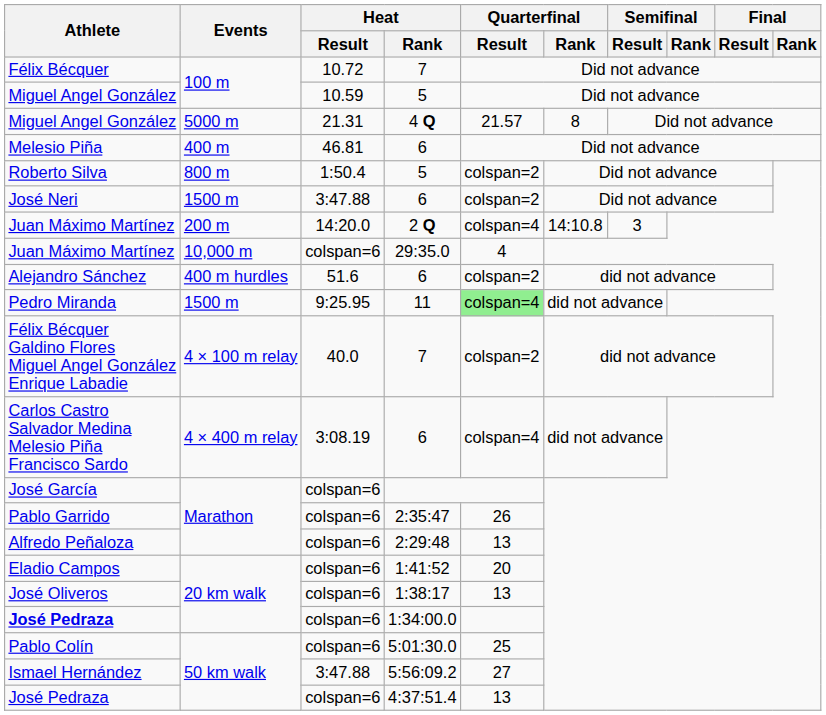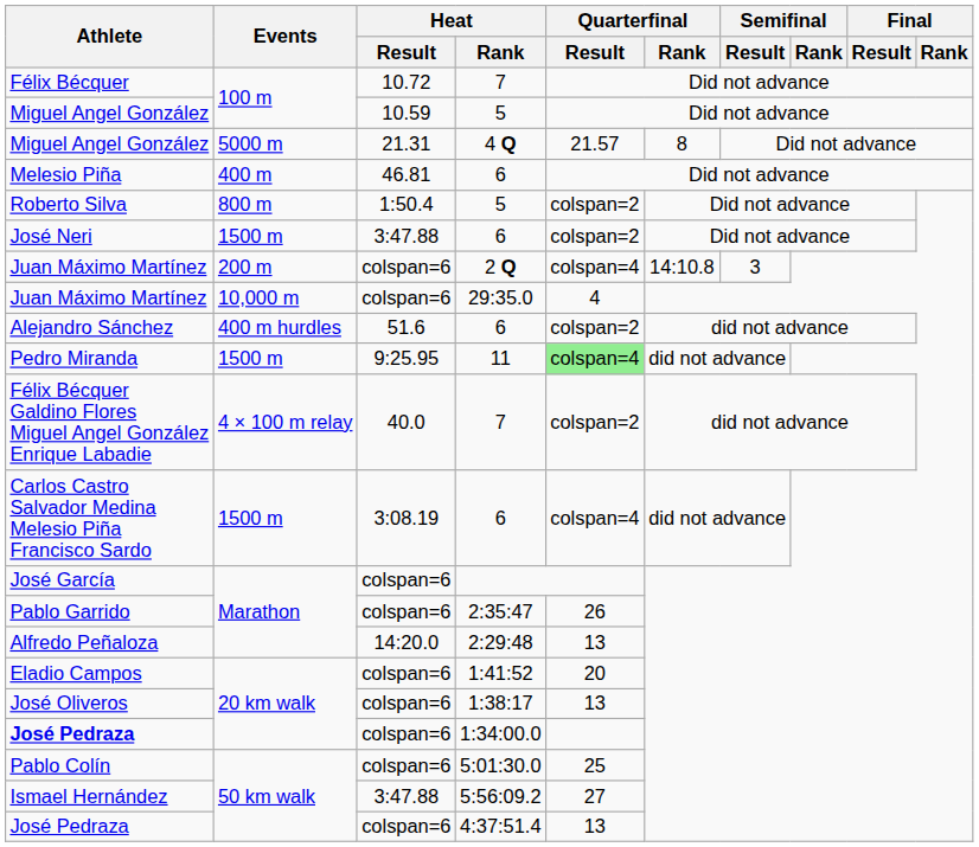 <table class=wikitable style="font-size:90%">
 <tr>
 <th rowspan="2">Athlete</th>
 <th rowspan="2">Events</th>
 <th colspan="2">Heat</th>
 <th colspan="2">Quarterfinal</th>
 <th colspan="2">Semifinal</th>
 <th colspan="2">Final</th>
 </tr>
 <tr>
 <th>Result</th>
 <th>Rank</th>
 <th>Result</th>
 <th>Rank</th>
 <th>Result</th>
 <th>Rank</th>
 <th>Result</th>
 <th>Rank</th>
 </tr>
 <tr align=center>
 <td align=left><a href='#'>Félix Bécquer</a></td>
 <td align=left rowspan=2><a href='#'>100 m</a></td>
 <td>10.72</td>
 <td>7</td>
 <td colspan=6>Did not advance</td>
 </tr>
 <tr align=center>
 <td align=left><a href='#'>Miguel Angel González</a></td>
 <td>10.59</td>
 <td>5</td>
 <td colspan=6>Did not advance</td>
 </tr>
 <tr align=center>
 <td align=left><a href='#'>Miguel Angel González</a></td>
 <td align=left><a href='#'>5000 m</a></td>
 <td>21.31</td>
 <td>4 <strong>Q</strong></td>
 <td>21.57</td>
 <td>8</td>
 <td colspan=4>Did not advance</td>
 </tr>
 <tr align=center>
 <td align=left><a href='#'>Melesio Piña</a></td>
 <td align=left><a href='#'>400 m</a></td>
 <td>46.81</td>
 <td>6</td>
 <td colspan=6>Did not advance</td>
 </tr>
 <tr align=center>
 <td align=left><a href='#'>Roberto Silva</a></td>
 <td align=left><a href='#'>800 m</a></td>
 <td>1:50.4</td>
 <td>5</td>
 <td>colspan=2 </td>
 <td colspan=4>Did not advance</td>
 </tr>
 <tr align=center>
 <td align=left><a href='#'>José Neri</a></td>
 <td align=left><a href='#'>1500 m</a></td>
 <td>3:47.88</td>
 <td>6</td>
 <td>colspan=2 </td>
 <td colspan=4>Did not advance</td>
 </tr>
 <tr align=center>
 <td align=left><a href='#'>Juan Máximo Martínez</a></td>
 <td align=left><a href='#'>200 m</a></td>
-<td>14:20.0</td>
+<td>colspan=6 </td>
 <td>2 <strong>Q</strong></td>
 <td>colspan=4 </td>
 <td>14:10.8</td>
 <td>3</td>
 </tr>
 <tr align=center>
 <td align=left><a href='#'>Juan Máximo Martínez</a></td>
 <td align=left><a href='#'>10,000 m</a></td>
 <td>colspan=6 </td>
 <td>29:35.0</td>
 <td>4</td>
 </tr>
 <tr align=center>
 <td align=left><a href='#'>Alejandro Sánchez</a></td>
 <td align=left><a href='#'>400 m hurdles</a></td>
 <td>51.6</td>
 <td>6</td>
 <td>colspan=2 </td>
 <td colspan=4>did not advance</td>
 </tr>
 <tr align=center>
 <td align=left><a href='#'>Pedro Miranda</a></td>
 <td align=left><a href='#'>1500 m</a></td>
 <td>9:25.95</td>
 <td>11</td>
 <td style="background: lightgreen;">colspan=4 </td>
 <td colspan=2>did not advance</td>
 </tr>
 <tr align=center>
 <td align=left><a href='#'>Félix Bécquer</a><br><a href='#'>Galdino Flores</a><br><a href='#'>Miguel Angel González</a><br><a href='#'>Enrique Labadie</a></td>
 <td align=left><a href='#'>4 × 100 m relay</a></td>
 <td>40.0</td>
 <td>7</td>
 <td>colspan=2 </td>
 <td colspan=4>did not advance</td>
 </tr>
 <tr align=center>
 <td align=left><a href='#'>Carlos Castro</a><br><a href='#'>Salvador Medina</a><br><a href='#'>Melesio Piña</a><br><a href='#'>Francisco Sardo</a></td>
-<td align=left><a href='#'>4 × 400 m relay</a></td>
+<td align=left><a href='#'>1500 m</a></td>
 <td>3:08.19</td>
 <td>6</td>
 <td>colspan=4 </td>
 <td colspan=2>did not advance</td>
 </tr>
 <tr align=center>
 <td align=left><a href='#'>José García</a></td>
 <td align=left rowspan=3><a href='#'>Marathon</a></td>
 <td>colspan=6 </td>
 <td colspan=2></td>
 </tr>
 <tr align=center>
 <td align=left><a href='#'>Pablo Garrido</a></td>
 <td>colspan=6 </td>
 <td>2:35:47</td>
 <td>26</td>
 </tr>
 <tr align=center>
 <td align=left><a href='#'>Alfredo Peñaloza</a></td>
-<td>colspan=6 </td>
+<td>14:20.0</td>
 <td>2:29:48</td>
 <td>13</td>
 </tr>
 <tr align=center>
 <td align=left><a href='#'>Eladio Campos</a></td>
 <td align=left rowspan=3><a href='#'>20 km walk</a></td>
 <td>colspan=6 </td>
 <td>1:41:52</td>
 <td>20</td>
 </tr>
 <tr align=center>
 <td align=left><a href='#'>José Oliveros</a></td>
 <td>colspan=6 </td>
 <td>1:38:17</td>
 <td>13</td>
 </tr>
 <tr align=center>
 <td align=left><strong><a href='#'>José Pedraza</a></strong></td>
 <td>colspan=6 </td>
 <td>1:34:00.0</td>
 <td></td>
 </tr>
 <tr align=center>
 <td align=left><a href='#'>Pablo Colín</a></td>
 <td align=left rowspan=3><a href='#'>50 km walk</a></td>
 <td>colspan=6 </td>
 <td>5:01:30.0</td>
 <td>25</td>
 </tr>
 <tr align=center>
 <td align=left><a href='#'>Ismael Hernández</a></td>
 <td>3:47.88</td>
 <td>5:56:09.2</td>
 <td>27</td>
 </tr>
 <tr align=center>
 <td align=left><a href='#'>José Pedraza</a></td>
 <td>colspan=6 </td>
 <td>4:37:51.4</td>
 <td>13</td>
 </tr>
 </table>
